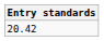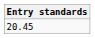 <table class="wikitable" border="1" align="upright">
 <tr>
 <th>Entry standards</th>
 </tr>
 <tr>
-<td>20.42</td>
+<td>20.45</td>
 </tr>
 </table>
